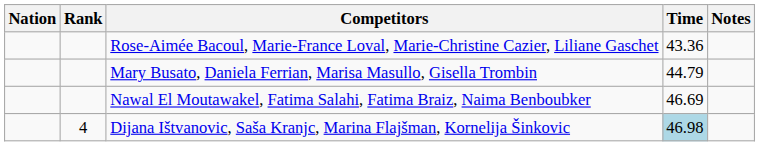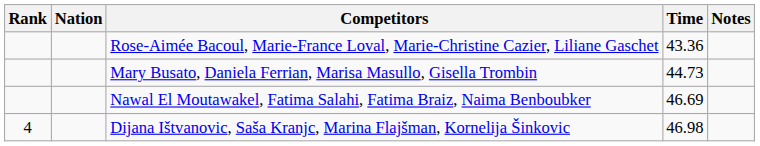 <table class="wikitable sortable" style="text-align:center; font-size:95%">
 <tr>
+<th>Rank</th>
 <th>Nation</th>
-<th>Rank</th>
 <th>Competitors</th>
 <th>Time</th>
 <th>Notes</th>
 </tr>
 <tr>
+<td></td>
 <td align=left></td>
-<td></td>
 <td align=left><a href='#'>Rose-Aimée Bacoul</a>, <a href='#'>Marie-France Loval</a>, <a href='#'>Marie-Christine Cazier</a>, <a href='#'>Liliane Gaschet</a></td>
 <td>43.36</td>
 <td></td>
 </tr>
 <tr>
+<td></td>
 <td align=left></td>
-<td></td>
 <td align=left><a href='#'>Mary Busato</a>, <a href='#'>Daniela Ferrian</a>, <a href='#'>Marisa Masullo</a>, <a href='#'>Gisella Trombin</a></td>
-<td>44.79</td>
+<td>44.73</td>
 <td></td>
 </tr>
 <tr>
+<td></td>
 <td align=left></td>
-<td></td>
 <td align=left><a href='#'>Nawal El Moutawakel</a>, <a href='#'>Fatima Salahi</a>, <a href='#'>Fatima Braiz</a>, <a href='#'>Naima Benboubker</a></td>
 <td>46.69</td>
 <td></td>
 </tr>
 <tr>
+<td>4</td>
 <td align=left></td>
-<td>4</td>
 <td align=left><a href='#'>Dijana Ištvanovic</a>, <a href='#'>Saša Kranjc</a>, <a href='#'>Marina Flajšman</a>, <a href='#'>Kornelija Šinkovic</a></td>
-<td style="background: lightblue;">46.98</td>
+<td>46.98</td>
 <td></td>
 </tr>
 </table>
